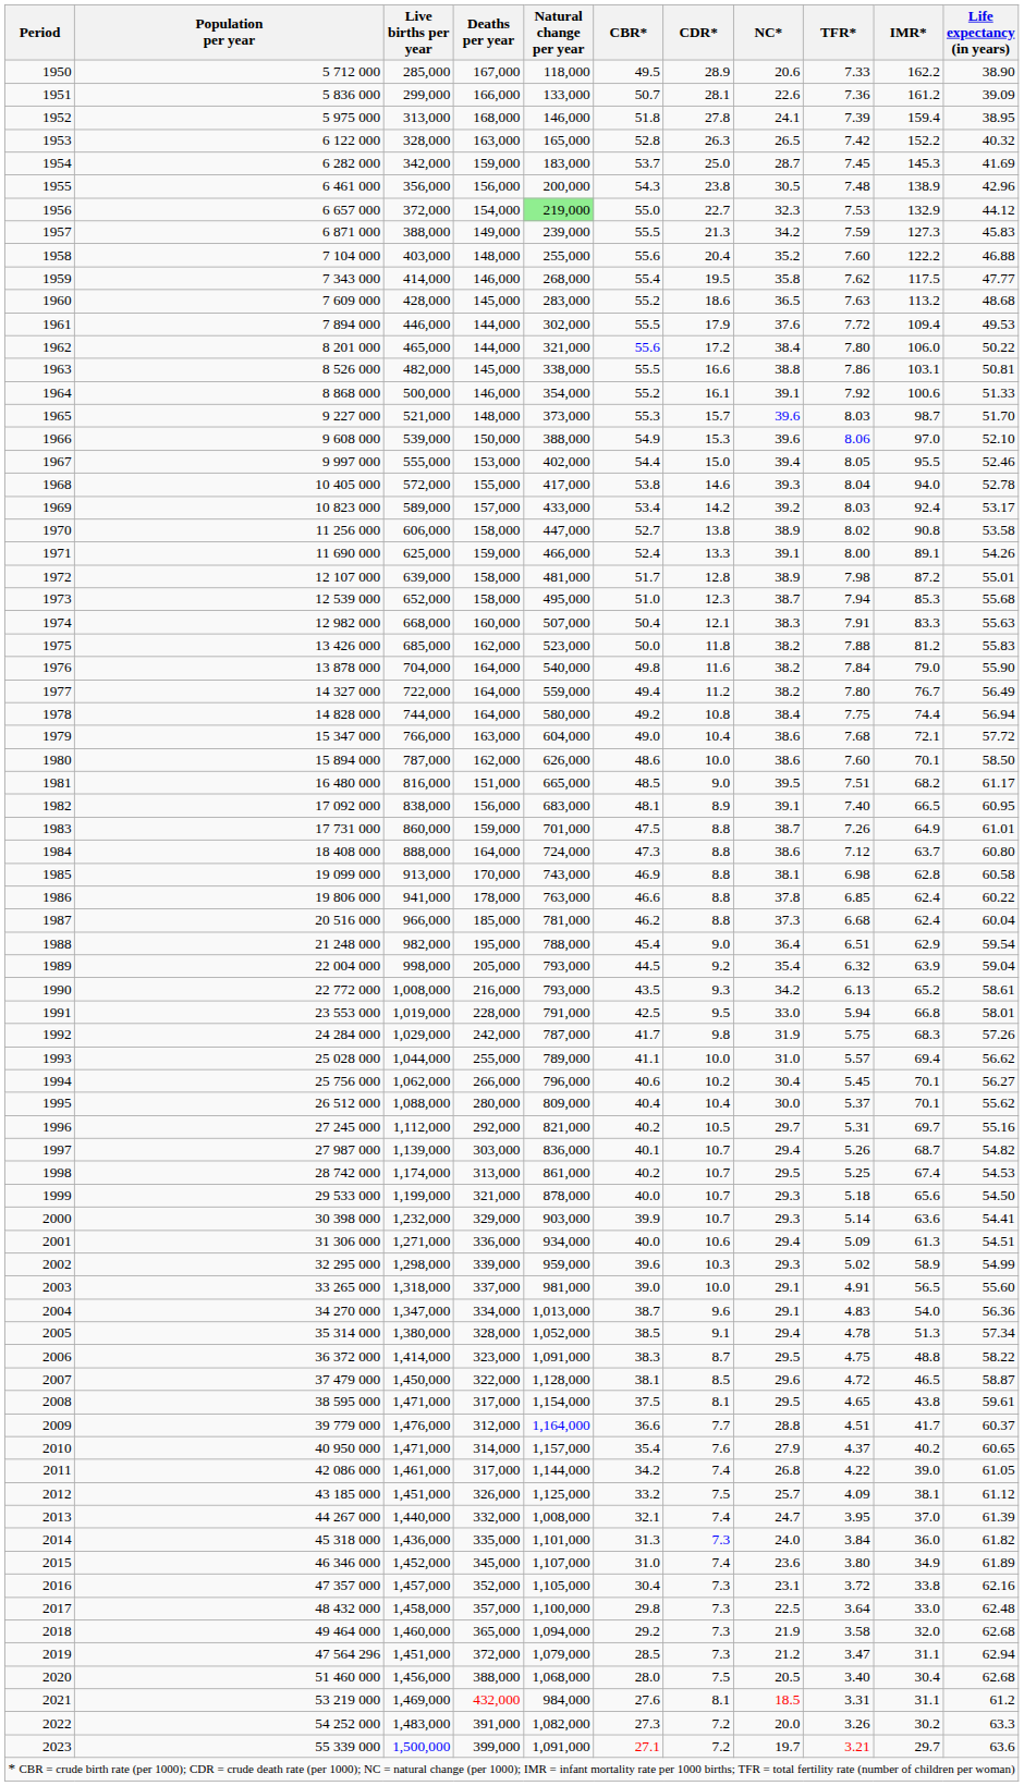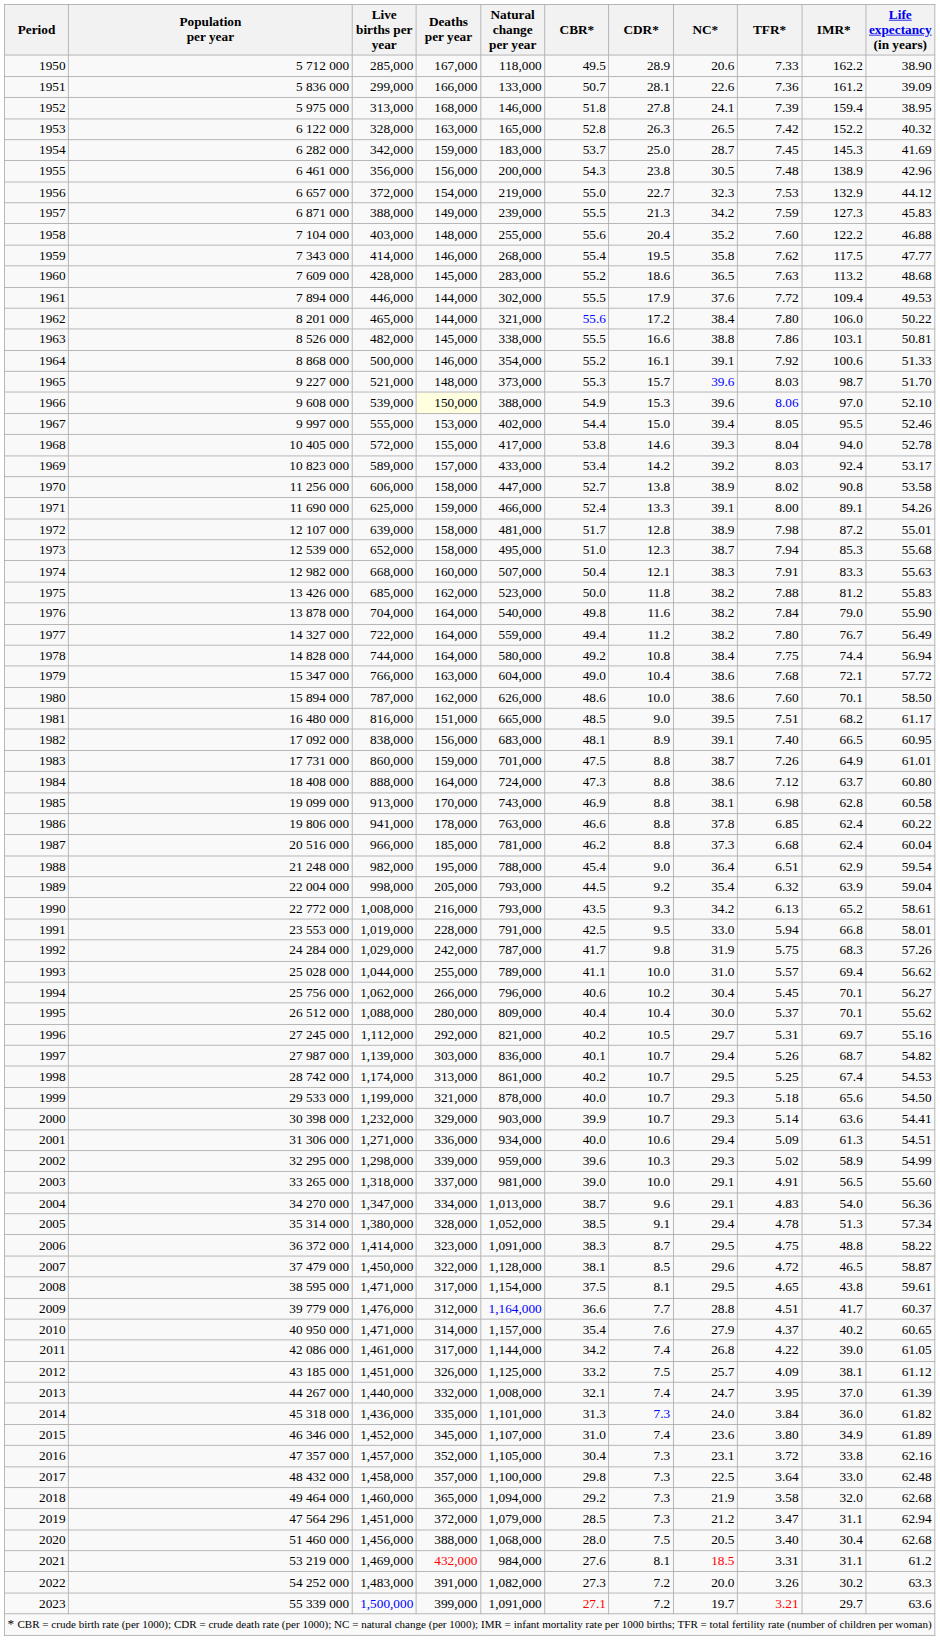 <table class="wikitable sortable" style="text-align: right;">
 <tr>
 <th width="70pt">Period</th>
 <th>Population<br>per year</th>
 <th width="70pt">Live births per year</th>
 <th width="70pt">Deaths per year</th>
 <th width="70pt">Natural change per year</th>
 <th width="70pt">CBR*</th>
 <th width="70pt">CDR*</th>
 <th width="70pt">NC*</th>
 <th width="70pt">TFR*</th>
 <th width="70pt">IMR*</th>
 <th width="70pt"><a href='#'>Life expectancy</a><br>(in years)</th>
 </tr>
 <tr>
 <td>1950</td>
 <td>5 712 000</td>
 <td>285,000</td>
 <td>167,000</td>
 <td>118,000</td>
 <td>49.5</td>
 <td>28.9</td>
 <td>20.6</td>
 <td>7.33</td>
 <td>162.2</td>
 <td>38.90</td>
 </tr>
 <tr>
 <td>1951</td>
 <td>5 836 000</td>
 <td>299,000</td>
 <td>166,000</td>
 <td>133,000</td>
 <td>50.7</td>
 <td>28.1</td>
 <td>22.6</td>
 <td>7.36</td>
 <td>161.2</td>
 <td>39.09</td>
 </tr>
 <tr>
 <td>1952</td>
 <td>5 975 000</td>
 <td>313,000</td>
 <td>168,000</td>
 <td>146,000</td>
 <td>51.8</td>
 <td>27.8</td>
 <td>24.1</td>
 <td>7.39</td>
 <td>159.4</td>
 <td>38.95</td>
 </tr>
 <tr>
 <td>1953</td>
 <td>6 122 000</td>
 <td>328,000</td>
 <td>163,000</td>
 <td>165,000</td>
 <td>52.8</td>
 <td>26.3</td>
 <td>26.5</td>
 <td>7.42</td>
 <td>152.2</td>
 <td>40.32</td>
 </tr>
 <tr>
 <td>1954</td>
 <td>6 282 000</td>
 <td>342,000</td>
 <td>159,000</td>
 <td>183,000</td>
 <td>53.7</td>
 <td>25.0</td>
 <td>28.7</td>
 <td>7.45</td>
 <td>145.3</td>
 <td>41.69</td>
 </tr>
 <tr>
 <td>1955</td>
 <td>6 461 000</td>
 <td>356,000</td>
 <td>156,000</td>
 <td>200,000</td>
 <td>54.3</td>
 <td>23.8</td>
 <td>30.5</td>
 <td>7.48</td>
 <td>138.9</td>
 <td>42.96</td>
 </tr>
 <tr>
 <td>1956</td>
 <td>6 657 000</td>
 <td>372,000</td>
 <td>154,000</td>
-<td style="background: lightgreen;">219,000</td>
+<td>219,000</td>
 <td>55.0</td>
 <td>22.7</td>
 <td>32.3</td>
 <td>7.53</td>
 <td>132.9</td>
 <td>44.12</td>
 </tr>
 <tr>
 <td>1957</td>
 <td>6 871 000</td>
 <td>388,000</td>
 <td>149,000</td>
 <td>239,000</td>
 <td>55.5</td>
 <td>21.3</td>
 <td>34.2</td>
 <td>7.59</td>
 <td>127.3</td>
 <td>45.83</td>
 </tr>
 <tr>
 <td>1958</td>
 <td>7 104 000</td>
 <td>403,000</td>
 <td>148,000</td>
 <td>255,000</td>
 <td>55.6</td>
 <td>20.4</td>
 <td>35.2</td>
 <td>7.60</td>
 <td>122.2</td>
 <td>46.88</td>
 </tr>
 <tr>
 <td>1959</td>
 <td>7 343 000</td>
 <td>414,000</td>
 <td>146,000</td>
 <td>268,000</td>
 <td>55.4</td>
 <td>19.5</td>
 <td>35.8</td>
 <td>7.62</td>
 <td>117.5</td>
 <td>47.77</td>
 </tr>
 <tr>
 <td>1960</td>
 <td>7 609 000</td>
 <td>428,000</td>
 <td>145,000</td>
 <td>283,000</td>
 <td>55.2</td>
 <td>18.6</td>
 <td>36.5</td>
 <td>7.63</td>
 <td>113.2</td>
 <td>48.68</td>
 </tr>
 <tr>
 <td>1961</td>
 <td>7 894 000</td>
 <td>446,000</td>
 <td>144,000</td>
 <td>302,000</td>
 <td>55.5</td>
 <td>17.9</td>
 <td>37.6</td>
 <td>7.72</td>
 <td>109.4</td>
 <td>49.53</td>
 </tr>
 <tr>
 <td>1962</td>
 <td>8 201 000</td>
 <td>465,000</td>
 <td>144,000</td>
 <td>321,000</td>
 <td style="color: blue">55.6</td>
 <td>17.2</td>
 <td>38.4</td>
 <td>7.80</td>
 <td>106.0</td>
 <td>50.22</td>
 </tr>
 <tr>
 <td>1963</td>
 <td>8 526 000</td>
 <td>482,000</td>
 <td>145,000</td>
 <td>338,000</td>
 <td>55.5</td>
 <td>16.6</td>
 <td>38.8</td>
 <td>7.86</td>
 <td>103.1</td>
 <td>50.81</td>
 </tr>
 <tr>
 <td>1964</td>
 <td>8 868 000</td>
 <td>500,000</td>
 <td>146,000</td>
 <td>354,000</td>
 <td>55.2</td>
 <td>16.1</td>
 <td>39.1</td>
 <td>7.92</td>
 <td>100.6</td>
 <td>51.33</td>
 </tr>
 <tr>
 <td>1965</td>
 <td>9 227 000</td>
 <td>521,000</td>
 <td>148,000</td>
 <td>373,000</td>
 <td>55.3</td>
 <td>15.7</td>
 <td style="color: blue">39.6</td>
 <td>8.03</td>
 <td>98.7</td>
 <td>51.70</td>
 </tr>
 <tr>
 <td>1966</td>
 <td>9 608 000</td>
 <td>539,000</td>
-<td>150,000</td>
+<td style="background: lightyellow;">150,000</td>
 <td>388,000</td>
 <td>54.9</td>
 <td>15.3</td>
 <td>39.6</td>
 <td style="color:blue">8.06</td>
 <td>97.0</td>
 <td>52.10</td>
 </tr>
 <tr>
 <td>1967</td>
 <td>9 997 000</td>
 <td>555,000</td>
 <td>153,000</td>
 <td>402,000</td>
 <td>54.4</td>
 <td>15.0</td>
 <td>39.4</td>
 <td>8.05</td>
 <td>95.5</td>
 <td>52.46</td>
 </tr>
 <tr>
 <td>1968</td>
 <td>10 405 000</td>
 <td>572,000</td>
 <td>155,000</td>
 <td>417,000</td>
 <td>53.8</td>
 <td>14.6</td>
 <td>39.3</td>
 <td>8.04</td>
 <td>94.0</td>
 <td>52.78</td>
 </tr>
 <tr>
 <td>1969</td>
 <td>10 823 000</td>
 <td>589,000</td>
 <td>157,000</td>
 <td>433,000</td>
 <td>53.4</td>
 <td>14.2</td>
 <td>39.2</td>
 <td>8.03</td>
 <td>92.4</td>
 <td>53.17</td>
 </tr>
 <tr>
 <td>1970</td>
 <td>11 256 000</td>
 <td>606,000</td>
 <td>158,000</td>
 <td>447,000</td>
 <td>52.7</td>
 <td>13.8</td>
 <td>38.9</td>
 <td>8.02</td>
 <td>90.8</td>
 <td>53.58</td>
 </tr>
 <tr>
 <td>1971</td>
 <td>11 690 000</td>
 <td>625,000</td>
 <td>159,000</td>
 <td>466,000</td>
 <td>52.4</td>
 <td>13.3</td>
 <td>39.1</td>
 <td>8.00</td>
 <td>89.1</td>
 <td>54.26</td>
 </tr>
 <tr>
 <td>1972</td>
 <td>12 107 000</td>
 <td>639,000</td>
 <td>158,000</td>
 <td>481,000</td>
 <td>51.7</td>
 <td>12.8</td>
 <td>38.9</td>
 <td>7.98</td>
 <td>87.2</td>
 <td>55.01</td>
 </tr>
 <tr>
 <td>1973</td>
 <td>12 539 000</td>
 <td>652,000</td>
 <td>158,000</td>
 <td>495,000</td>
 <td>51.0</td>
 <td>12.3</td>
 <td>38.7</td>
 <td>7.94</td>
 <td>85.3</td>
 <td>55.68</td>
 </tr>
 <tr>
 <td>1974</td>
 <td>12 982 000</td>
 <td>668,000</td>
 <td>160,000</td>
 <td>507,000</td>
 <td>50.4</td>
 <td>12.1</td>
 <td>38.3</td>
 <td>7.91</td>
 <td>83.3</td>
 <td>55.63</td>
 </tr>
 <tr>
 <td>1975</td>
 <td>13 426 000</td>
 <td>685,000</td>
 <td>162,000</td>
 <td>523,000</td>
 <td>50.0</td>
 <td>11.8</td>
 <td>38.2</td>
 <td>7.88</td>
 <td>81.2</td>
 <td>55.83</td>
 </tr>
 <tr>
 <td>1976</td>
 <td>13 878 000</td>
 <td>704,000</td>
 <td>164,000</td>
 <td>540,000</td>
 <td>49.8</td>
 <td>11.6</td>
 <td>38.2</td>
 <td>7.84</td>
 <td>79.0</td>
 <td>55.90</td>
 </tr>
 <tr>
 <td>1977</td>
 <td>14 327 000</td>
 <td>722,000</td>
 <td>164,000</td>
 <td>559,000</td>
 <td>49.4</td>
 <td>11.2</td>
 <td>38.2</td>
 <td>7.80</td>
 <td>76.7</td>
 <td>56.49</td>
 </tr>
 <tr>
 <td>1978</td>
 <td>14 828 000</td>
 <td>744,000</td>
 <td>164,000</td>
 <td>580,000</td>
 <td>49.2</td>
 <td>10.8</td>
 <td>38.4</td>
 <td>7.75</td>
 <td>74.4</td>
 <td>56.94</td>
 </tr>
 <tr>
 <td>1979</td>
 <td>15 347 000</td>
 <td>766,000</td>
 <td>163,000</td>
 <td>604,000</td>
 <td>49.0</td>
 <td>10.4</td>
 <td>38.6</td>
 <td>7.68</td>
 <td>72.1</td>
 <td>57.72</td>
 </tr>
 <tr>
 <td>1980</td>
 <td>15 894 000</td>
 <td>787,000</td>
 <td>162,000</td>
 <td>626,000</td>
 <td>48.6</td>
 <td>10.0</td>
 <td>38.6</td>
 <td>7.60</td>
 <td>70.1</td>
 <td>58.50</td>
 </tr>
 <tr>
 <td>1981</td>
 <td>16 480 000</td>
 <td>816,000</td>
 <td>151,000</td>
 <td>665,000</td>
 <td>48.5</td>
 <td>9.0</td>
 <td>39.5</td>
 <td>7.51</td>
 <td>68.2</td>
 <td>61.17</td>
 </tr>
 <tr>
 <td>1982</td>
 <td>17 092 000</td>
 <td>838,000</td>
 <td>156,000</td>
 <td>683,000</td>
 <td>48.1</td>
 <td>8.9</td>
 <td>39.1</td>
 <td>7.40</td>
 <td>66.5</td>
 <td>60.95</td>
 </tr>
 <tr>
 <td>1983</td>
 <td>17 731 000</td>
 <td>860,000</td>
 <td>159,000</td>
 <td>701,000</td>
 <td>47.5</td>
 <td>8.8</td>
 <td>38.7</td>
 <td>7.26</td>
 <td>64.9</td>
 <td>61.01</td>
 </tr>
 <tr>
 <td>1984</td>
 <td>18 408 000</td>
 <td>888,000</td>
 <td>164,000</td>
 <td>724,000</td>
 <td>47.3</td>
 <td>8.8</td>
 <td>38.6</td>
 <td>7.12</td>
 <td>63.7</td>
 <td>60.80</td>
 </tr>
 <tr>
 <td>1985</td>
 <td>19 099 000</td>
 <td>913,000</td>
 <td>170,000</td>
 <td>743,000</td>
 <td>46.9</td>
 <td>8.8</td>
 <td>38.1</td>
 <td>6.98</td>
 <td>62.8</td>
 <td>60.58</td>
 </tr>
 <tr>
 <td>1986</td>
 <td>19 806 000</td>
 <td>941,000</td>
 <td>178,000</td>
 <td>763,000</td>
 <td>46.6</td>
 <td>8.8</td>
 <td>37.8</td>
 <td>6.85</td>
 <td>62.4</td>
 <td>60.22</td>
 </tr>
 <tr>
 <td>1987</td>
 <td>20 516 000</td>
 <td>966,000</td>
 <td>185,000</td>
 <td>781,000</td>
 <td>46.2</td>
 <td>8.8</td>
 <td>37.3</td>
 <td>6.68</td>
 <td>62.4</td>
 <td>60.04</td>
 </tr>
 <tr>
 <td>1988</td>
 <td>21 248 000</td>
 <td>982,000</td>
 <td>195,000</td>
 <td>788,000</td>
 <td>45.4</td>
 <td>9.0</td>
 <td>36.4</td>
 <td>6.51</td>
 <td>62.9</td>
 <td>59.54</td>
 </tr>
 <tr>
 <td>1989</td>
 <td>22 004 000</td>
 <td>998,000</td>
 <td>205,000</td>
 <td>793,000</td>
 <td>44.5</td>
 <td>9.2</td>
 <td>35.4</td>
 <td>6.32</td>
 <td>63.9</td>
 <td>59.04</td>
 </tr>
 <tr>
 <td>1990</td>
 <td>22 772 000</td>
 <td> 1,008,000</td>
 <td>216,000</td>
 <td>793,000</td>
 <td>43.5</td>
 <td>9.3</td>
 <td>34.2</td>
 <td>6.13</td>
 <td>65.2</td>
 <td>58.61</td>
 </tr>
 <tr>
 <td>1991</td>
 <td>23 553 000</td>
 <td> 1,019,000</td>
 <td>228,000</td>
 <td>791,000</td>
 <td>42.5</td>
 <td>9.5</td>
 <td>33.0</td>
 <td>5.94</td>
 <td>66.8</td>
 <td>58.01</td>
 </tr>
 <tr>
 <td>1992</td>
 <td>24 284 000</td>
 <td> 1,029,000</td>
 <td>242,000</td>
 <td>787,000</td>
 <td>41.7</td>
 <td>9.8</td>
 <td>31.9</td>
 <td>5.75</td>
 <td>68.3</td>
 <td>57.26</td>
 </tr>
 <tr>
 <td>1993</td>
 <td>25 028 000</td>
 <td> 1,044,000</td>
 <td>255,000</td>
 <td>789,000</td>
 <td>41.1</td>
 <td>10.0</td>
 <td>31.0</td>
 <td>5.57</td>
 <td>69.4</td>
 <td>56.62</td>
 </tr>
 <tr>
 <td>1994</td>
 <td>25 756 000</td>
 <td> 1,062,000</td>
 <td>266,000</td>
 <td>796,000</td>
 <td>40.6</td>
 <td>10.2</td>
 <td>30.4</td>
 <td>5.45</td>
 <td>70.1</td>
 <td>56.27</td>
 </tr>
 <tr>
 <td>1995</td>
 <td>26 512 000</td>
 <td> 1,088,000</td>
 <td>280,000</td>
 <td>809,000</td>
 <td>40.4</td>
 <td>10.4</td>
 <td>30.0</td>
 <td>5.37</td>
 <td>70.1</td>
 <td>55.62</td>
 </tr>
 <tr>
 <td>1996</td>
 <td>27 245 000</td>
 <td> 1,112,000</td>
 <td>292,000</td>
 <td>821,000</td>
 <td>40.2</td>
 <td>10.5</td>
 <td>29.7</td>
 <td>5.31</td>
 <td>69.7</td>
 <td>55.16</td>
 </tr>
 <tr>
 <td>1997</td>
 <td>27 987 000</td>
 <td> 1,139,000</td>
 <td>303,000</td>
 <td>836,000</td>
 <td>40.1</td>
 <td>10.7</td>
 <td>29.4</td>
 <td>5.26</td>
 <td>68.7</td>
 <td>54.82</td>
 </tr>
 <tr>
 <td>1998</td>
 <td>28 742 000</td>
 <td> 1,174,000</td>
 <td>313,000</td>
 <td>861,000</td>
 <td>40.2</td>
 <td>10.7</td>
 <td>29.5</td>
 <td>5.25</td>
 <td>67.4</td>
 <td>54.53</td>
 </tr>
 <tr>
 <td>1999</td>
 <td>29 533 000</td>
 <td> 1,199,000</td>
 <td>321,000</td>
 <td>878,000</td>
 <td>40.0</td>
 <td>10.7</td>
 <td>29.3</td>
 <td>5.18</td>
 <td>65.6</td>
 <td>54.50</td>
 </tr>
 <tr>
 <td>2000</td>
 <td>30 398 000</td>
 <td> 1,232,000</td>
 <td>329,000</td>
 <td>903,000</td>
 <td>39.9</td>
 <td>10.7</td>
 <td>29.3</td>
 <td>5.14</td>
 <td>63.6</td>
 <td>54.41</td>
 </tr>
 <tr>
 <td>2001</td>
 <td>31 306 000</td>
 <td> 1,271,000</td>
 <td>336,000</td>
 <td>934,000</td>
 <td>40.0</td>
 <td>10.6</td>
 <td>29.4</td>
 <td>5.09</td>
 <td>61.3</td>
 <td>54.51</td>
 </tr>
 <tr>
 <td>2002</td>
 <td>32 295 000</td>
 <td> 1,298,000</td>
 <td>339,000</td>
 <td>959,000</td>
 <td>39.6</td>
 <td>10.3</td>
 <td>29.3</td>
 <td>5.02</td>
 <td>58.9</td>
 <td>54.99</td>
 </tr>
 <tr>
 <td>2003</td>
 <td>33 265 000</td>
 <td> 1,318,000</td>
 <td>337,000</td>
 <td>981,000</td>
 <td>39.0</td>
 <td>10.0</td>
 <td>29.1</td>
 <td>4.91</td>
 <td>56.5</td>
 <td>55.60</td>
 </tr>
 <tr>
 <td>2004</td>
 <td>34 270 000</td>
 <td> 1,347,000</td>
 <td>334,000</td>
 <td> 1,013,000</td>
 <td>38.7</td>
 <td>9.6</td>
 <td>29.1</td>
 <td>4.83</td>
 <td>54.0</td>
 <td>56.36</td>
 </tr>
 <tr>
 <td>2005</td>
 <td>35 314 000</td>
 <td> 1,380,000</td>
 <td>328,000</td>
 <td> 1,052,000</td>
 <td>38.5</td>
 <td>9.1</td>
 <td>29.4</td>
 <td>4.78</td>
 <td>51.3</td>
 <td>57.34</td>
 </tr>
 <tr>
 <td>2006</td>
 <td>36 372 000</td>
 <td> 1,414,000</td>
 <td>323,000</td>
 <td> 1,091,000</td>
 <td>38.3</td>
 <td>8.7</td>
 <td>29.5</td>
 <td>4.75</td>
 <td>48.8</td>
 <td>58.22</td>
 </tr>
 <tr>
 <td>2007</td>
 <td>37 479 000</td>
 <td> 1,450,000</td>
 <td>322,000</td>
 <td> 1,128,000</td>
 <td>38.1</td>
 <td>8.5</td>
 <td>29.6</td>
 <td>4.72</td>
 <td>46.5</td>
 <td>58.87</td>
 </tr>
 <tr>
 <td>2008</td>
 <td>38 595 000</td>
 <td> 1,471,000</td>
 <td> 317,000</td>
 <td> 1,154,000</td>
 <td>37.5</td>
 <td>8.1</td>
 <td>29.5</td>
 <td>4.65</td>
 <td>43.8</td>
 <td>59.61</td>
 </tr>
 <tr>
 <td>2009</td>
 <td>39 779 000</td>
 <td> 1,476,000</td>
 <td>312,000</td>
 <td style=" color:blue;"> 1,164,000</td>
 <td>36.6</td>
 <td>7.7</td>
 <td>28.8</td>
 <td>4.51</td>
 <td>41.7</td>
 <td>60.37</td>
 </tr>
 <tr>
 <td>2010</td>
 <td>40 950 000</td>
 <td> 1,471,000</td>
 <td>314,000</td>
 <td> 1,157,000</td>
 <td>35.4</td>
 <td>7.6</td>
 <td>27.9</td>
 <td>4.37</td>
 <td>40.2</td>
 <td>60.65</td>
 </tr>
 <tr>
 <td>2011</td>
 <td>42 086 000</td>
 <td> 1,461,000</td>
 <td>317,000</td>
 <td> 1,144,000</td>
 <td>34.2</td>
 <td>7.4</td>
 <td>26.8</td>
 <td>4.22</td>
 <td>39.0</td>
 <td>61.05</td>
 </tr>
 <tr>
 <td>2012</td>
 <td>43 185 000</td>
 <td> 1,451,000</td>
 <td>326,000</td>
 <td> 1,125,000</td>
 <td>33.2</td>
 <td>7.5</td>
 <td>25.7</td>
 <td>4.09</td>
 <td>38.1</td>
 <td>61.12</td>
 </tr>
 <tr>
 <td>2013</td>
 <td>44 267 000</td>
 <td> 1,440,000</td>
 <td>332,000</td>
 <td> 1,008,000</td>
 <td>32.1</td>
 <td>7.4</td>
 <td>24.7</td>
 <td>3.95</td>
 <td>37.0</td>
 <td>61.39</td>
 </tr>
 <tr>
 <td>2014</td>
 <td>45 318 000</td>
 <td> 1,436,000</td>
 <td>335,000</td>
 <td> 1,101,000</td>
 <td>31.3</td>
 <td style="color: blue">7.3</td>
 <td>24.0</td>
 <td>3.84</td>
 <td>36.0</td>
 <td>61.82</td>
 </tr>
 <tr>
 <td>2015</td>
 <td>46 346 000</td>
 <td> 1,452,000</td>
 <td>345,000</td>
 <td> 1,107,000</td>
 <td>31.0</td>
 <td>7.4</td>
 <td>23.6</td>
 <td>3.80</td>
 <td>34.9</td>
 <td>61.89</td>
 </tr>
 <tr>
 <td>2016</td>
 <td>47 357 000</td>
 <td> 1,457,000</td>
 <td>352,000</td>
 <td> 1,105,000</td>
 <td>30.4</td>
 <td>7.3</td>
 <td>23.1</td>
 <td>3.72</td>
 <td>33.8</td>
 <td>62.16</td>
 </tr>
 <tr>
 <td>2017</td>
 <td>48 432 000</td>
 <td> 1,458,000</td>
 <td>357,000</td>
 <td> 1,100,000</td>
 <td>29.8</td>
 <td>7.3</td>
 <td>22.5</td>
 <td>3.64</td>
 <td>33.0</td>
 <td>62.48</td>
 </tr>
 <tr>
 <td>2018</td>
 <td>49 464 000</td>
 <td> 1,460,000</td>
 <td>365,000</td>
 <td> 1,094,000</td>
 <td>29.2</td>
 <td>7.3</td>
 <td>21.9</td>
 <td>3.58</td>
 <td>32.0</td>
 <td>62.68</td>
 </tr>
 <tr>
 <td>2019</td>
 <td>47 564 296</td>
 <td> 1,451,000</td>
 <td>372,000</td>
 <td> 1,079,000</td>
 <td>28.5</td>
 <td>7.3</td>
 <td>21.2</td>
 <td>3.47</td>
 <td>31.1</td>
 <td>62.94</td>
 </tr>
 <tr>
 <td>2020</td>
 <td>51 460 000</td>
 <td> 1,456,000</td>
 <td>388,000</td>
 <td> 1,068,000</td>
 <td>28.0</td>
 <td>7.5</td>
 <td>20.5</td>
 <td>3.40</td>
 <td>30.4</td>
 <td>62.68</td>
 </tr>
 <tr>
 <td>2021</td>
 <td>53 219 000</td>
 <td> 1,469,000</td>
 <td style="color: red">432,000</td>
 <td> 984,000</td>
 <td>27.6</td>
 <td>8.1</td>
 <td style="color: red">18.5</td>
 <td>3.31</td>
 <td>31.1</td>
 <td>61.2</td>
 </tr>
 <tr>
 <td>2022</td>
 <td>54 252 000</td>
 <td> 1,483,000</td>
 <td>391,000</td>
 <td> 1,082,000</td>
 <td>27.3</td>
 <td>7.2</td>
 <td>20.0</td>
 <td>3.26</td>
 <td>30.2</td>
 <td>63.3</td>
 </tr>
 <tr>
 <td>2023</td>
 <td>55 339 000</td>
 <td style=" color:blue;"> 1,500,000</td>
 <td>399,000</td>
 <td> 1,091,000</td>
 <td style="color: red">27.1</td>
 <td>7.2</td>
 <td>19.7</td>
 <td style="color:red">3.21</td>
 <td>29.7</td>
 <td>63.6</td>
 </tr>
 <tr>
 <td colspan="11" align="left">* <small> CBR = crude birth rate (per 1000); CDR = crude death rate (per 1000); NC = natural change (per 1000); IMR = infant mortality rate per 1000 births; TFR = total fertility rate (number of children per woman)</small></td>
 </tr>
 </table>
